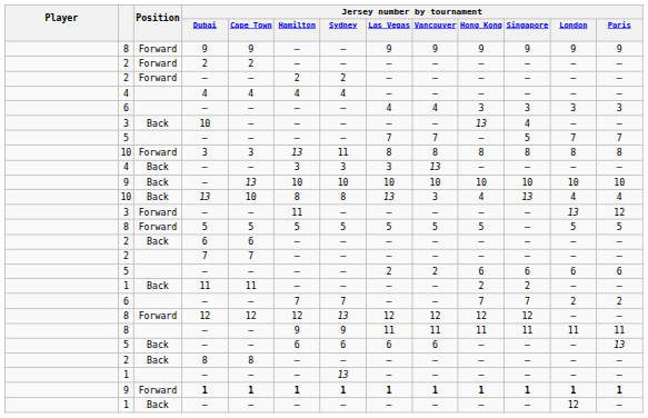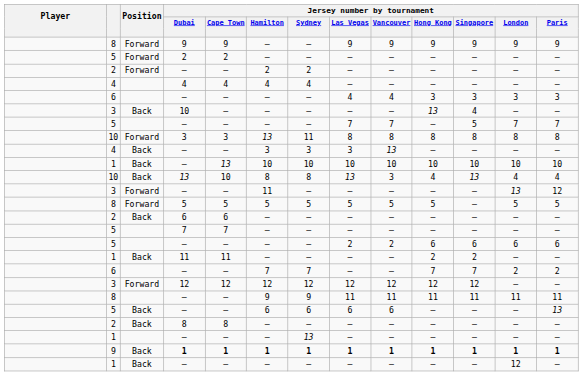 <table class="wikitable sortable" style="text-align:center;">
 <tr>
 <th rowspan=2 style="border-bottom:0px; width:12em;">Player</th>
 <th rowspan=2 style="border-bottom:0px;"></th>
 <th rowspan=2 style="border-bottom:0px;">Position</th>
 <th colspan=10 style="font-size:95%;">Jersey number by tournament</th>
 </tr>
 <tr>
 <th style="vertical-align:top;width:5.5em;border-bottom:1px solid transparent;padding:2px;font-size:85%;"><a href='#'>Dubai</a></th>
 <th style="vertical-align:top;width:5.5em;border-bottom:1px solid transparent;padding:2px;font-size:85%;"><a href='#'>Cape Town</a></th>
 <th style="vertical-align:top;width:5.5em;border-bottom:1px solid transparent;padding:2px;font-size:85%;"><a href='#'>Hamilton</a></th>
 <th style="vertical-align:top;width:5.5em;border-bottom:1px solid transparent;padding:2px;font-size:85%;"><a href='#'>Sydney</a></th>
 <th style="vertical-align:top;width:5.5em;border-bottom:1px solid transparent;padding:2px;font-size:85%;"><a href='#'>Las Vegas</a></th>
 <th style="vertical-align:top;width:5.5em;border-bottom:1px solid transparent;padding:2px;font-size:85%;"><a href='#'>Vancouver</a></th>
 <th style="vertical-align:top;width:5.5em;border-bottom:1px solid transparent;padding:2px;font-size:85%;"><a href='#'>Hong Kong</a></th>
 <th style="vertical-align:top;width:5.5em;border-bottom:1px solid transparent;padding:2px;font-size:85%;"><a href='#'>Singapore</a></th>
 <th style="vertical-align:top;width:5.5em;border-bottom:1px solid transparent;padding:2px;font-size:85%;"><a href='#'>London</a></th>
 <th style="vertical-align:top;width:5.5em;border-bottom:1px solid transparent;padding:2px;font-size:85%;"><a href='#'>Paris</a></th>
 </tr>
 <tr style="line-height:8px;">
 <th style="border-top:1px solid transparent;"></th>
 <th style="border-top:1px solid transparent;"> </th>
 <th style="border-top:1px solid transparent;"> </th>
 <th data-sort-type="number" style="border-top:1px solid transparent;"></th>
 <th data-sort-type="number" style="border-top:1px solid transparent;"></th>
 <th data-sort-type="number" style="border-top:1px solid transparent;"></th>
 <th data-sort-type="number" style="border-top:1px solid transparent;"></th>
 <th data-sort-type="number" style="border-top:1px solid transparent;"></th>
 <th data-sort-type="number" style="border-top:1px solid transparent;"></th>
 <th data-sort-type="number" style="border-top:1px solid transparent;"></th>
 <th data-sort-type="number" style="border-top:1px solid transparent;"></th>
 <th data-sort-type="number" style="border-top:1px solid transparent;"></th>
 <th data-sort-type="number" style="border-top:1px solid transparent;"></th>
 </tr>
 <tr>
 <td align=left></td>
 <td>8</td>
 <td>Forward</td>
 <td>9</td>
 <td>9</td>
 <td>–</td>
 <td>–</td>
 <td>9</td>
 <td>9</td>
 <td>9</td>
 <td>9</td>
 <td>9</td>
 <td>9</td>
 </tr>
 <tr>
 <td align=left></td>
-<td>2</td>
+<td>5</td>
 <td>Forward</td>
 <td>2</td>
 <td>2</td>
 <td>–</td>
 <td>–</td>
 <td>–</td>
 <td>–</td>
 <td>–</td>
 <td>–</td>
 <td>–</td>
 <td>–</td>
 </tr>
 <tr>
 <td align=left></td>
 <td>2</td>
 <td>Forward</td>
 <td>–</td>
 <td>–</td>
 <td>2</td>
 <td>2</td>
 <td>–</td>
 <td>–</td>
 <td>–</td>
 <td>–</td>
 <td>–</td>
 <td>–</td>
 </tr>
 <tr>
 <td align=left></td>
 <td>4</td>
 <td></td>
 <td>4</td>
 <td>4</td>
 <td>4</td>
 <td>4</td>
 <td>–</td>
 <td>–</td>
 <td>–</td>
 <td>–</td>
 <td>–</td>
 <td>–</td>
 </tr>
 <tr>
 <td align=left></td>
 <td>6</td>
 <td></td>
 <td>–</td>
 <td>–</td>
 <td>–</td>
 <td>–</td>
 <td>4</td>
 <td>4</td>
 <td>3</td>
 <td>3</td>
 <td>3</td>
 <td>3</td>
 </tr>
 <tr>
 <td align=left></td>
 <td>3</td>
 <td>Back</td>
 <td>10</td>
 <td>–</td>
 <td>–</td>
 <td>–</td>
 <td>–</td>
 <td>–</td>
 <td><em>13</em></td>
 <td>4</td>
 <td>–</td>
 <td>–</td>
 </tr>
 <tr>
 <td align=left></td>
 <td>5</td>
 <td></td>
 <td>–</td>
 <td>–</td>
 <td>–</td>
 <td>–</td>
 <td>7</td>
 <td>7</td>
 <td>–</td>
 <td>5</td>
 <td>7</td>
 <td>7</td>
 </tr>
 <tr>
 <td align=left></td>
 <td>10</td>
 <td>Forward</td>
 <td>3</td>
 <td>3</td>
 <td><em>13</em></td>
 <td>11</td>
 <td>8</td>
 <td>8</td>
 <td>8</td>
 <td>8</td>
 <td>8</td>
 <td>8</td>
 </tr>
 <tr>
 <td align=left></td>
 <td>4</td>
 <td>Back</td>
 <td>–</td>
 <td>–</td>
 <td>3</td>
 <td>3</td>
 <td>3</td>
 <td><em>13</em></td>
 <td>–</td>
 <td>–</td>
 <td>–</td>
 <td>–</td>
 </tr>
 <tr>
 <td align=left></td>
-<td>9</td>
+<td>1</td>
 <td>Back</td>
 <td>–</td>
 <td><em>13</em></td>
 <td>10</td>
 <td>10</td>
 <td>10</td>
 <td>10</td>
 <td>10</td>
 <td>10</td>
 <td>10</td>
 <td>10</td>
 </tr>
 <tr>
 <td align=left></td>
 <td>10</td>
 <td>Back</td>
 <td><em>13</em></td>
 <td>10</td>
 <td>8</td>
 <td>8</td>
 <td><em>13</em></td>
 <td>3</td>
 <td>4</td>
 <td><em>13</em></td>
 <td>4</td>
 <td>4</td>
 </tr>
 <tr>
 <td align=left></td>
 <td>3</td>
 <td>Forward</td>
 <td>–</td>
 <td>–</td>
 <td>11</td>
 <td>–</td>
 <td>–</td>
 <td>–</td>
 <td>–</td>
 <td>–</td>
 <td><em>13</em></td>
 <td>12</td>
 </tr>
 <tr>
 <td align=left></td>
 <td>8</td>
 <td>Forward</td>
 <td>5</td>
 <td>5</td>
 <td>5</td>
 <td>5</td>
 <td>5</td>
 <td>5</td>
 <td>5</td>
 <td>–</td>
 <td>5</td>
 <td>5</td>
 </tr>
 <tr>
 <td align=left></td>
 <td>2</td>
 <td>Back</td>
 <td>6</td>
 <td>6</td>
 <td>–</td>
 <td>–</td>
 <td>–</td>
 <td>–</td>
 <td>–</td>
 <td>–</td>
 <td>–</td>
 <td>–</td>
 </tr>
 <tr>
 <td align=left></td>
-<td>2</td>
+<td>5</td>
 <td></td>
 <td>7</td>
 <td>7</td>
 <td>–</td>
 <td>–</td>
 <td>–</td>
 <td>–</td>
 <td>–</td>
 <td>–</td>
 <td>–</td>
 <td>–</td>
 </tr>
 <tr>
 <td align=left></td>
 <td>5</td>
 <td></td>
 <td>–</td>
 <td>–</td>
 <td>–</td>
 <td>–</td>
 <td>2</td>
 <td>2</td>
 <td>6</td>
 <td>6</td>
 <td>6</td>
 <td>6</td>
 </tr>
 <tr>
 <td align=left></td>
 <td>1</td>
 <td>Back</td>
 <td>11</td>
 <td>11</td>
 <td>–</td>
 <td>–</td>
 <td>–</td>
 <td>–</td>
 <td>2</td>
 <td>2</td>
 <td>–</td>
 <td>–</td>
 </tr>
 <tr>
 <td align=left style="padding-right:0px;"></td>
 <td>6</td>
 <td></td>
 <td>–</td>
 <td>–</td>
 <td>7</td>
 <td>7</td>
 <td>–</td>
 <td>–</td>
 <td>7</td>
 <td>7</td>
 <td>2</td>
 <td>2</td>
 </tr>
 <tr>
 <td align=left></td>
-<td>8</td>
+<td>3</td>
 <td>Forward</td>
 <td>12</td>
 <td>12</td>
 <td>12</td>
-<td><em>13</em></td>
+<td>12</td>
 <td>12</td>
 <td>12</td>
 <td>12</td>
 <td>12</td>
 <td>–</td>
 <td>–</td>
 </tr>
 <tr>
 <td align=left></td>
 <td>8</td>
 <td></td>
 <td>–</td>
 <td>–</td>
 <td>9</td>
 <td>9</td>
 <td>11</td>
 <td>11</td>
 <td>11</td>
 <td>11</td>
 <td>11</td>
 <td>11</td>
 </tr>
 <tr>
 <td align=left></td>
 <td>5</td>
 <td>Back</td>
 <td>–</td>
 <td>–</td>
 <td>6</td>
 <td>6</td>
 <td>6</td>
 <td>6</td>
 <td>–</td>
 <td>–</td>
 <td>–</td>
 <td><em>13</em></td>
 </tr>
 <tr>
 <td align=left></td>
 <td>2</td>
 <td>Back</td>
 <td>8</td>
 <td>8</td>
 <td>–</td>
 <td>–</td>
 <td>–</td>
 <td>–</td>
 <td>–</td>
 <td>–</td>
 <td>–</td>
 <td>–</td>
 </tr>
 <tr>
 <td align=left></td>
 <td>1</td>
 <td></td>
 <td>–</td>
 <td>–</td>
 <td>–</td>
 <td><em>13</em></td>
 <td>–</td>
 <td>–</td>
 <td>–</td>
 <td>–</td>
 <td>–</td>
 <td>–</td>
 </tr>
 <tr>
 <td align=left></td>
 <td>9</td>
-<td>Forward</td>
+<td>Back</td>
 <td><strong>1</strong></td>
 <td><strong>1</strong></td>
 <td><strong>1</strong></td>
 <td><strong>1</strong></td>
 <td><strong>1</strong></td>
 <td><strong>1</strong></td>
 <td><strong>1</strong></td>
 <td><strong>1</strong></td>
 <td><strong>1</strong></td>
 <td><strong>1</strong></td>
 </tr>
 <tr>
 <td align=left></td>
 <td>1</td>
 <td>Back</td>
 <td>–</td>
 <td>–</td>
 <td>–</td>
 <td>–</td>
 <td>–</td>
 <td>–</td>
 <td>–</td>
 <td>–</td>
 <td>12</td>
 <td>–</td>
 </tr>
 </table>
